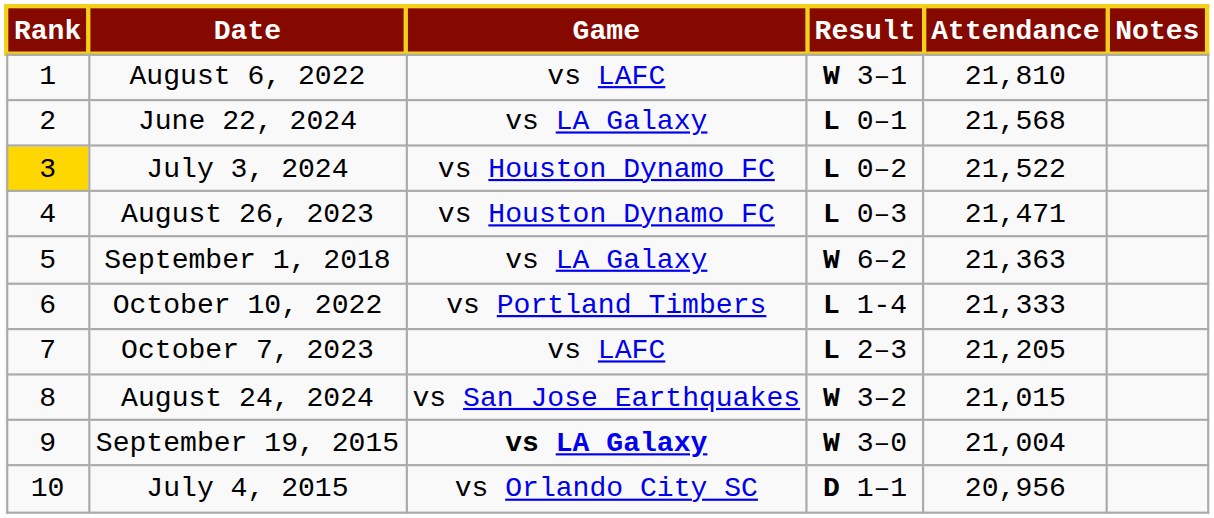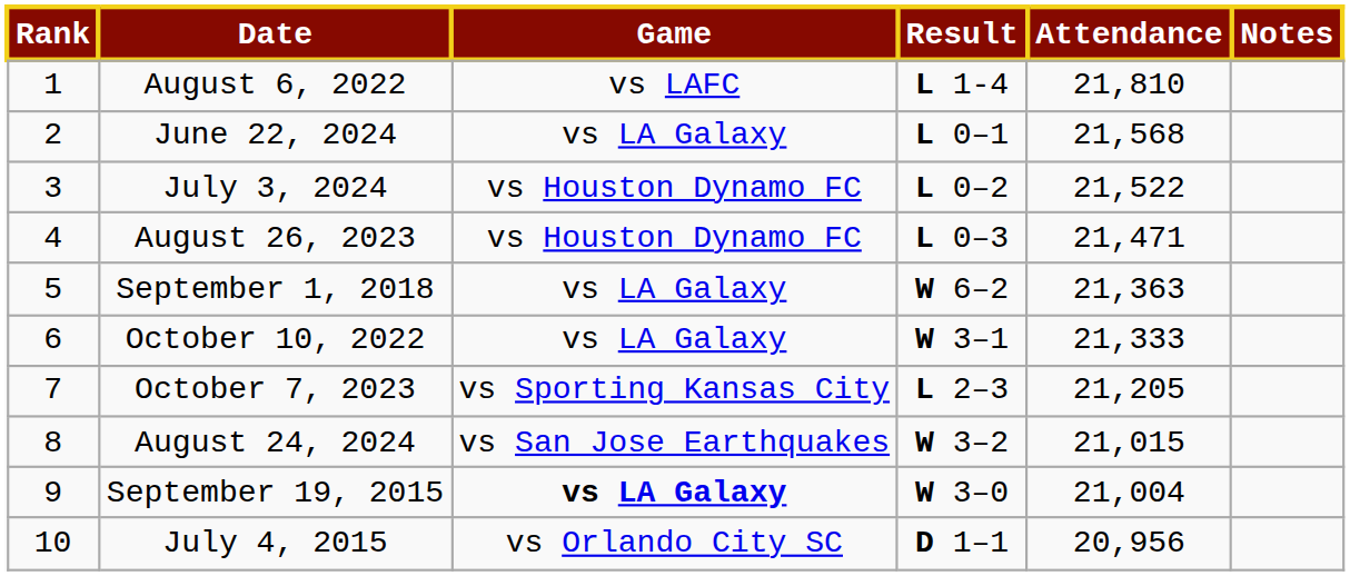 <table class="wikitable">
 <tr style="text-align:center; background:#c00;">
 <td style="background:#860900; color:#FFFFFF; border:2px solid #F2D11A;"><strong>Rank</strong></td>
 <td style="background:#860900; color:#FFFFFF; border:2px solid #F2D11A;"><strong>Date</strong></td>
 <td style="background:#860900; color:#FFFFFF; border:2px solid #F2D11A;"><strong>Game</strong></td>
 <td style="background:#860900; color:#FFFFFF; border:2px solid #F2D11A;"><strong>Result</strong></td>
 <td style="background:#860900; color:#FFFFFF; border:2px solid #F2D11A;"><strong>Attendance</strong></td>
 <td style="background:#860900; color:#FFFFFF; border:2px solid #F2D11A;"><strong>Notes</strong></td>
 </tr>
 <tr>
 </tr>
 <tr style="text-align:center;">
 <td>1</td>
 <td>August 6, 2022</td>
 <td>vs  <a href='#'>LAFC</a></td>
-<td><strong>W</strong> 3–1</td>
+<td><strong>L</strong> 1-4</td>
 <td>21,810</td>
 <td></td>
 </tr>
 <tr style="text-align:center;">
 <td>2</td>
 <td>June 22, 2024</td>
 <td>vs  <a href='#'>LA Galaxy</a></td>
 <td><strong>L</strong> 0–1</td>
 <td>21,568</td>
 <td></td>
 </tr>
 <tr style="text-align:center;">
-<td style="background: gold;">3</td>
+<td>3</td>
 <td>July 3, 2024</td>
 <td>vs  <a href='#'>Houston Dynamo FC</a></td>
 <td><strong>L</strong> 0–2</td>
 <td>21,522</td>
 <td></td>
 </tr>
 <tr style="text-align:center;">
 <td>4</td>
 <td>August 26, 2023</td>
 <td>vs  <a href='#'>Houston Dynamo FC</a></td>
 <td><strong>L</strong> 0–3</td>
 <td>21,471</td>
 <td></td>
 </tr>
 <tr style="text-align:center;">
 <td>5</td>
 <td>September 1, 2018</td>
 <td>vs  <a href='#'>LA Galaxy</a></td>
 <td><strong>W</strong> 6–2</td>
 <td>21,363</td>
 <td></td>
 </tr>
 <tr style="text-align:center;">
 <td>6</td>
 <td>October 10, 2022</td>
-<td>vs  <a href='#'>Portland Timbers</a></td>
-<td><strong>L</strong> 1-4</td>
+<td>vs  <a href='#'>LA Galaxy</a></td>
+<td><strong>W</strong> 3–1</td>
 <td>21,333</td>
 <td></td>
 </tr>
 <tr style="text-align:center;">
 <td>7</td>
 <td>October 7, 2023</td>
-<td>vs  <a href='#'>LAFC</a></td>
+<td>vs  <a href='#'>Sporting Kansas City</a></td>
 <td><strong>L</strong> 2–3</td>
 <td>21,205</td>
 <td></td>
 </tr>
 <tr style="text-align:center;">
 <td>8</td>
 <td>August 24, 2024</td>
 <td>vs  <a href='#'>San Jose Earthquakes</a></td>
 <td><strong>W</strong> 3–2</td>
 <td>21,015</td>
 <td></td>
 </tr>
 <tr style="text-align:center;">
 <td>9</td>
 <td>September 19, 2015</td>
 <td><strong>vs  <a href='#'>LA Galaxy</a></strong></td>
 <td><strong>W</strong> 3–0</td>
 <td>21,004</td>
 <td></td>
 </tr>
 <tr style="text-align:center;">
 <td>10</td>
 <td>July 4, 2015</td>
 <td>vs  <a href='#'>Orlando City SC</a></td>
 <td><strong>D</strong> 1–1</td>
 <td>20,956</td>
 <td></td>
 </tr>
 </table>
